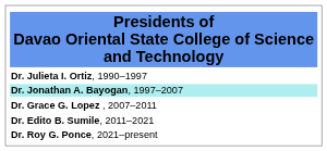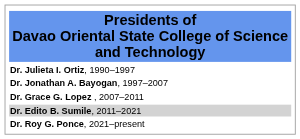 <table style="float:left; margin:1em 1em 1em 1em; width:20em; border: 1px solid #a0a0a0; padding: 2px; bg-color=yellow; text-align:right;">
 <tr style="text-align:center;">
 </tr>
 <tr bgcolor=" #6495ED" align="center">
 <td><span><strong>Presidents of <br> Davao Oriental State College of Science and Technology</strong></span></td>
 </tr>
 <tr style="text-align:left; font-size:x-small;">
 <td><strong>Dr. Julieta I. Ortiz</strong>, 1990–1997</td>
 </tr>
 <tr style="text-align:left; font-size:x-small;">
-<td style="background: paleturquoise;"><strong>Dr. Jonathan A. Bayogan</strong>, 1997–2007</td>
+<td><strong>Dr. Jonathan A. Bayogan</strong>, 1997–2007</td>
 </tr>
 <tr style="text-align:left; font-size:x-small;">
 <td><strong>Dr. Grace G. Lopez </strong>, 2007–2011</td>
 </tr>
 <tr style="text-align:left; font-size:x-small;">
-<td><strong>Dr. Edito B. Sumile</strong>, 2011–2021</td>
+<td style="background: lightgrey;"><strong>Dr. Edito B. Sumile</strong>, 2011–2021</td>
 </tr>
 <tr style="text-align:left; font-size:x-small;">
 <td><strong>Dr. Roy G. Ponce</strong>, 2021–present</td>
 </tr>
 </table>
